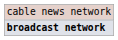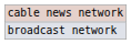 <table class="wikitable" style="font-size:95%;">
 <tr style="background:#e5d1cb;">
 <td>cable news network</td>
 </tr>
 <tr style="background:#dfe2e9;">
-<td><strong>broadcast network<br></strong></td>
+<td>broadcast network<br></td>
 </tr>
 </table>
